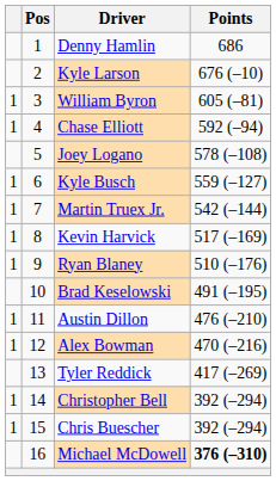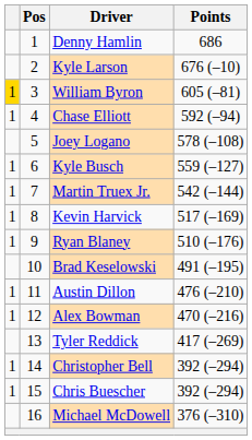 <table class="wikitable" style="font-size: 95%">
 <tr>
 <th></th>
 <th>Pos</th>
 <th>Driver</th>
 <th>Points</th>
 </tr>
 <tr>
 <td align="left"></td>
 <td style="text-align:center;">1</td>
 <td><a href='#'>Denny Hamlin</a></td>
 <td style="text-align:center;">686</td>
 </tr>
 <tr>
 <td align="left"></td>
 <td style="text-align:center;">2</td>
 <td style="background:#FFDEAD;"><a href='#'>Kyle Larson</a></td>
 <td style="text-align:center;">676 (–10)</td>
 </tr>
 <tr>
-<td align="left"> 1</td>
+<td align="left" style="background: gold;"> 1</td>
 <td style="text-align:center;">3</td>
 <td style="background:#FFDEAD;"><a href='#'>William Byron</a></td>
 <td style="text-align:center;">605 (–81)</td>
 </tr>
 <tr>
 <td align="left"> 1</td>
 <td style="text-align:center;">4</td>
 <td style="background:#FFDEAD;"><a href='#'>Chase Elliott</a></td>
 <td style="text-align:center;">592 (–94)</td>
 </tr>
 <tr>
 <td align="left"></td>
 <td style="text-align:center;">5</td>
 <td style="background:#FFDEAD;"><a href='#'>Joey Logano</a></td>
 <td style="text-align:center;">578 (–108)</td>
 </tr>
 <tr>
 <td align="left"> 1</td>
 <td style="text-align:center;">6</td>
 <td style="background:#FFDEAD;"><a href='#'>Kyle Busch</a></td>
 <td style="text-align:center;">559 (–127)</td>
 </tr>
 <tr>
 <td align="left"> 1</td>
 <td style="text-align:center;">7</td>
 <td style="background:#FFDEAD;"><a href='#'>Martin Truex Jr.</a></td>
 <td style="text-align:center;">542 (–144)</td>
 </tr>
 <tr>
 <td align="left"> 1</td>
 <td style="text-align:center;">8</td>
 <td><a href='#'>Kevin Harvick</a></td>
 <td style="text-align:center;">517 (–169)</td>
 </tr>
 <tr>
 <td align="left"> 1</td>
 <td style="text-align:center;">9</td>
 <td style="background:#FFDEAD;"><a href='#'>Ryan Blaney</a></td>
 <td style="text-align:center;">510 (–176)</td>
 </tr>
 <tr>
 <td align="left"></td>
 <td style="text-align:center;">10</td>
 <td style="background:#FFDEAD;"><a href='#'>Brad Keselowski</a></td>
 <td style="text-align:center;">491 (–195)</td>
 </tr>
 <tr>
 <td align="left"> 1</td>
 <td style="text-align:center;">11</td>
 <td><a href='#'>Austin Dillon</a></td>
 <td style="text-align:center;">476 (–210)</td>
 </tr>
 <tr>
 <td align="left"> 1</td>
 <td style="text-align:center;">12</td>
 <td style="background:#FFDEAD;"><a href='#'>Alex Bowman</a></td>
 <td style="text-align:center;">470 (–216)</td>
 </tr>
 <tr>
 <td align="left"></td>
 <td style="text-align:center;">13</td>
 <td><a href='#'>Tyler Reddick</a></td>
 <td style="text-align:center;">417 (–269)</td>
 </tr>
 <tr>
 <td align="left"> 1</td>
 <td style="text-align:center;">14</td>
 <td style="background:#FFDEAD;"><a href='#'>Christopher Bell</a></td>
 <td style="text-align:center;">392 (–294)</td>
 </tr>
 <tr>
 <td align="left"> 1</td>
 <td style="text-align:center;">15</td>
 <td><a href='#'>Chris Buescher</a></td>
 <td style="text-align:center;">392 (–294)</td>
 </tr>
 <tr>
 <td align="left"></td>
 <td style="text-align:center;">16</td>
 <td style="background:#FFDEAD;"><a href='#'>Michael McDowell</a></td>
-<td style="text-align:center;"><strong>376 (–310)</strong></td>
+<td style="text-align:center;">376 (–310)</td>
 </tr>
 <tr class="sortbottom">
 <th colspan="9"></th>
 </tr>
 </table>
